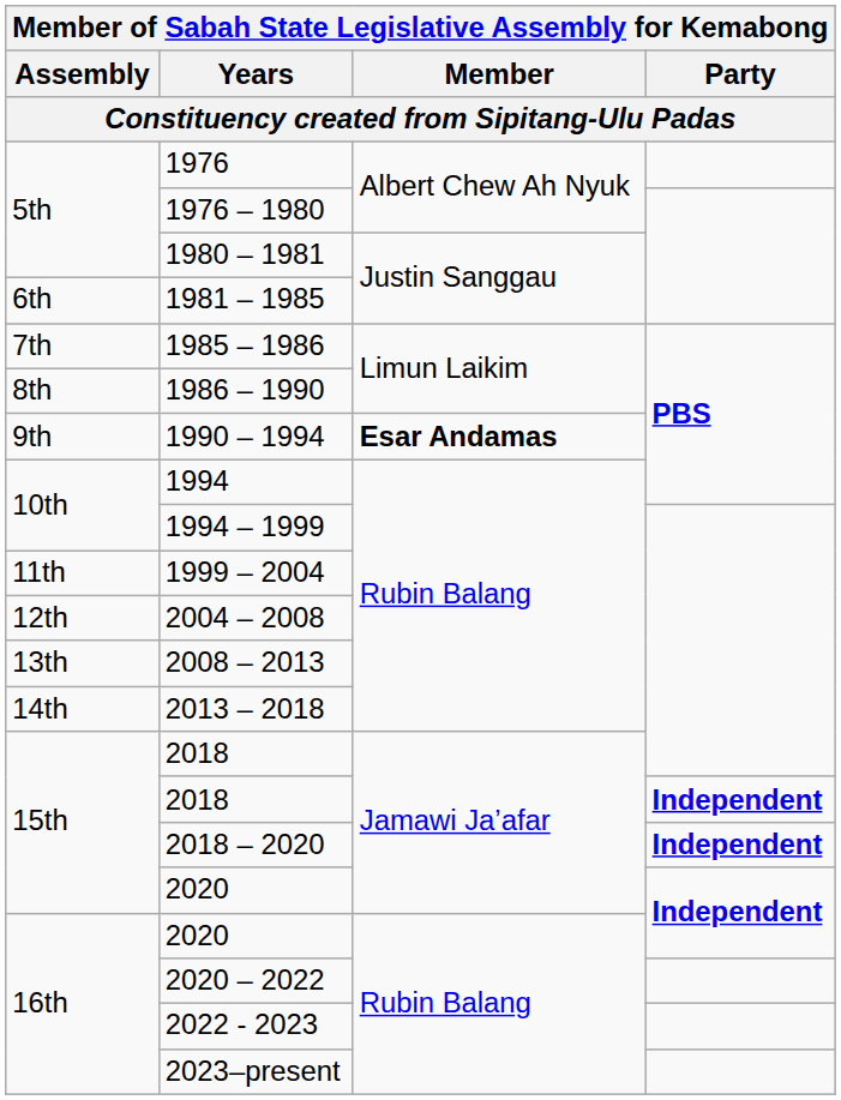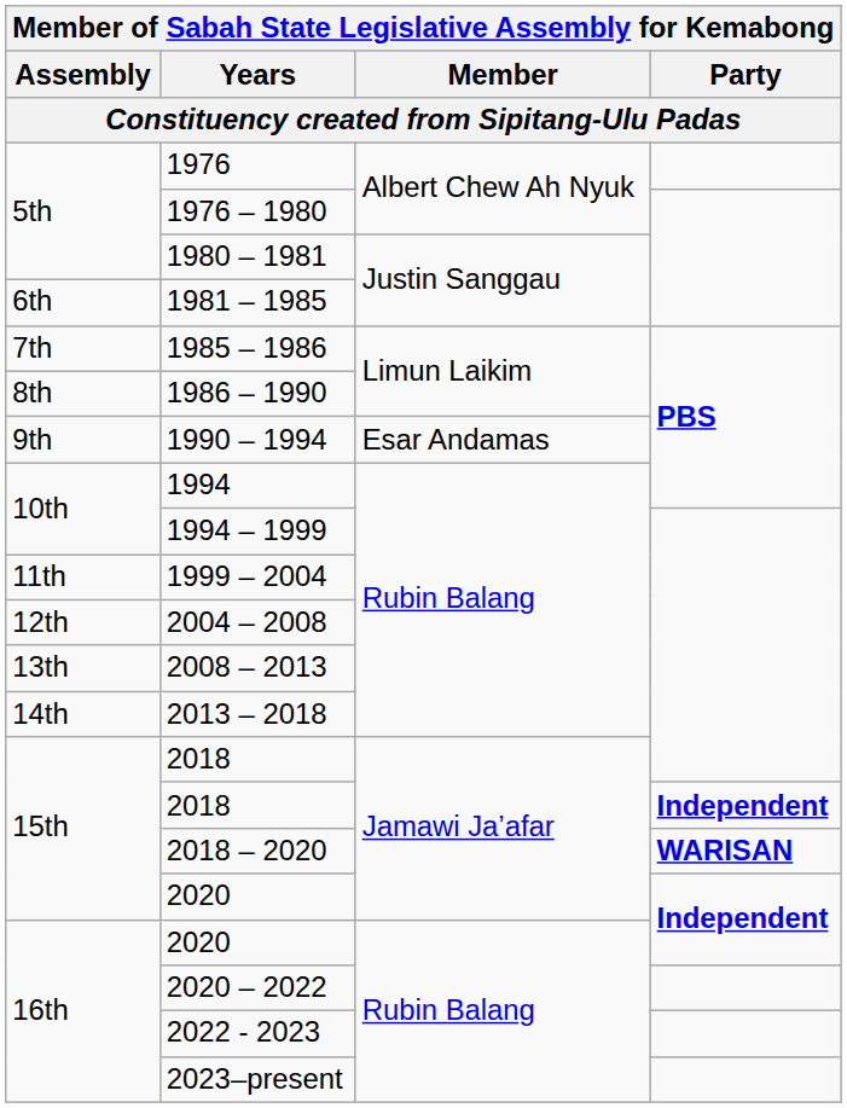 <table class="wikitable">
 <tr>
 <th colspan="4">Member of <a href='#'>Sabah State Legislative Assembly</a> for Kemabong</th>
 </tr>
 <tr>
 <th>Assembly</th>
 <th>Years</th>
 <th>Member</th>
 <th>Party</th>
 </tr>
 <tr>
 <th colspan="4" align="center"><em>Constituency created from Sipitang-Ulu Padas</em></th>
 </tr>
 <tr>
 <td rowspan="3">5th</td>
 <td>1976</td>
 <td rowspan="2">Albert Chew Ah Nyuk</td>
 <td></td>
 </tr>
 <tr>
 <td>1976 – 1980</td>
 <td rowspan="3"></td>
 </tr>
 <tr>
 <td>1980 – 1981</td>
 <td rowspan="2">Justin Sanggau</td>
 </tr>
 <tr>
 <td>6th</td>
 <td>1981 – 1985</td>
 </tr>
 <tr>
 <td>7th</td>
 <td>1985 – 1986</td>
 <td rowspan="2">Limun Laikim</td>
 <td rowspan="4"><strong><a href='#'>PBS</a></strong></td>
 </tr>
 <tr>
 <td>8th</td>
 <td>1986 – 1990</td>
 </tr>
 <tr>
 <td>9th</td>
 <td>1990 – 1994</td>
-<td><strong>Esar Andamas</strong></td>
+<td>Esar Andamas</td>
 </tr>
 <tr>
 <td rowspan="2">10th</td>
 <td>1994</td>
 <td rowspan="6"><a href='#'>Rubin Balang</a></td>
 </tr>
 <tr>
 <td>1994 – 1999</td>
 <td rowspan="6"></td>
 </tr>
 <tr>
 <td>11th</td>
 <td>1999 – 2004</td>
 </tr>
 <tr>
 <td>12th</td>
 <td>2004 – 2008</td>
 </tr>
 <tr>
 <td>13th</td>
 <td>2008 – 2013</td>
 </tr>
 <tr>
 <td>14th</td>
 <td>2013 – 2018</td>
 </tr>
 <tr>
 <td rowspan="4">15th</td>
 <td>2018</td>
 <td rowspan="4"><a href='#'>Jamawi Ja’afar</a></td>
 </tr>
 <tr>
 <td>2018</td>
 <td><strong><a href='#'>Independent</a></strong></td>
 </tr>
 <tr>
 <td>2018 – 2020</td>
-<td><strong><a href='#'>Independent</a></strong></td>
+<td><strong><a href='#'>WARISAN</a></strong></td>
 </tr>
 <tr>
 <td>2020</td>
 <td rowspan="2"><strong><a href='#'>Independent</a></strong></td>
 </tr>
 <tr>
 <td rowspan="4">16th</td>
 <td>2020</td>
 <td rowspan="4"><a href='#'>Rubin Balang</a></td>
 </tr>
 <tr>
 <td>2020 – 2022</td>
 <td></td>
 </tr>
 <tr>
 <td>2022 - 2023</td>
 <td></td>
 </tr>
 <tr>
 <td>2023–present</td>
 <td></td>
 </tr>
 </table>
